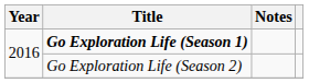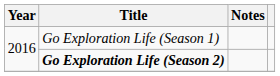 <table class="wikitable">
 <tr>
 <th>Year</th>
 <th>Title</th>
 <th>Notes</th>
 <th scope="col" class="unsortable"></th>
 </tr>
 <tr>
 <td rowspan="2">2016</td>
-<td><strong><em>Go Exploration Life (Season 1)</em></strong></td>
+<td><em>Go Exploration Life (Season 1)</em></td>
 <td></td>
 <td></td>
 </tr>
 <tr>
-<td><em>Go Exploration Life (Season 2)</em></td>
+<td><strong><em>Go Exploration Life (Season 2)</em></strong></td>
 <td></td>
 <td></td>
 </tr>
 <tr>
 </tr>
 </table>
